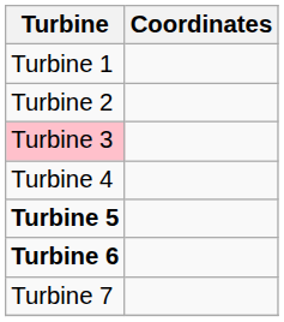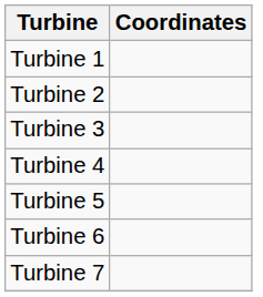 <table class="wikitable">
 <tr>
 <th>Turbine</th>
 <th>Coordinates</th>
 </tr>
 <tr>
 <td>Turbine 1</td>
 <td></td>
 </tr>
 <tr>
 <td>Turbine 2</td>
 <td></td>
 </tr>
 <tr>
-<td style="background: pink;">Turbine 3</td>
+<td>Turbine 3</td>
 <td></td>
 </tr>
 <tr>
 <td>Turbine 4</td>
 <td></td>
 </tr>
 <tr>
-<td><strong>Turbine 5</strong></td>
+<td>Turbine 5</td>
 <td></td>
 </tr>
 <tr>
-<td><strong>Turbine 6</strong></td>
+<td>Turbine 6</td>
 <td></td>
 </tr>
 <tr>
 <td>Turbine 7</td>
 <td></td>
 </tr>
 <tr>
 </tr>
 </table>
